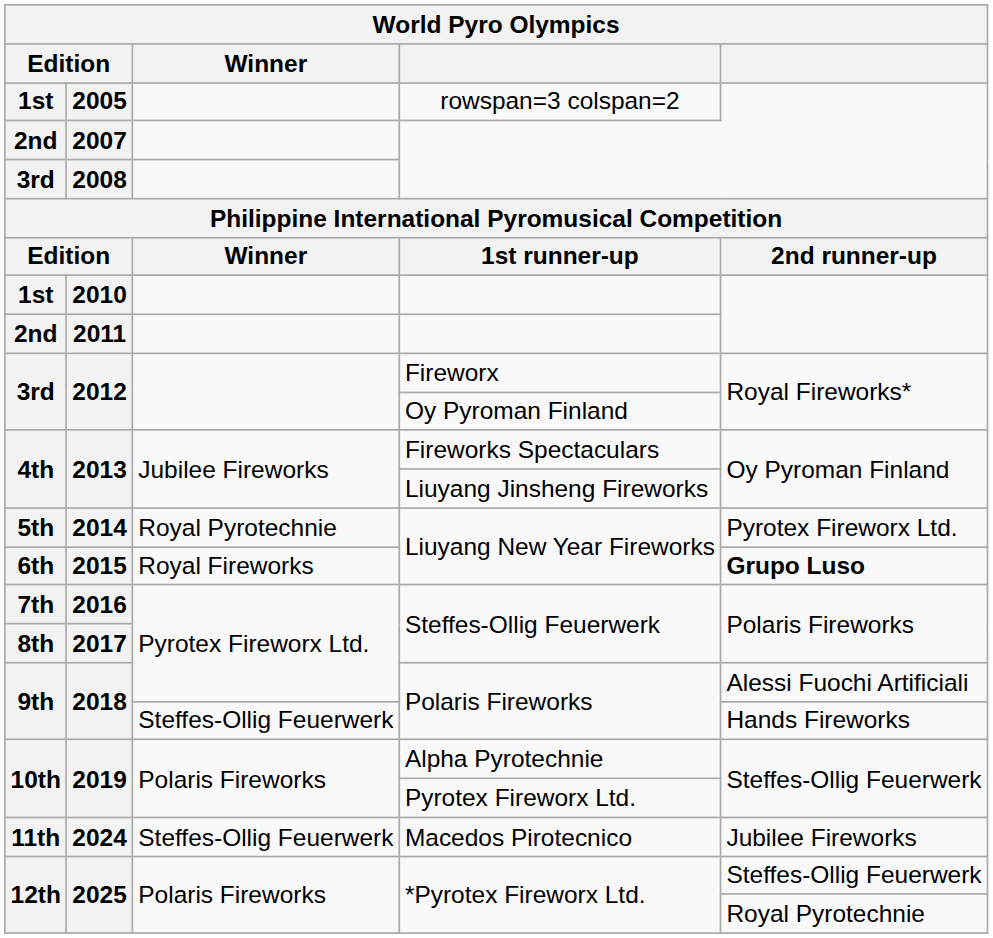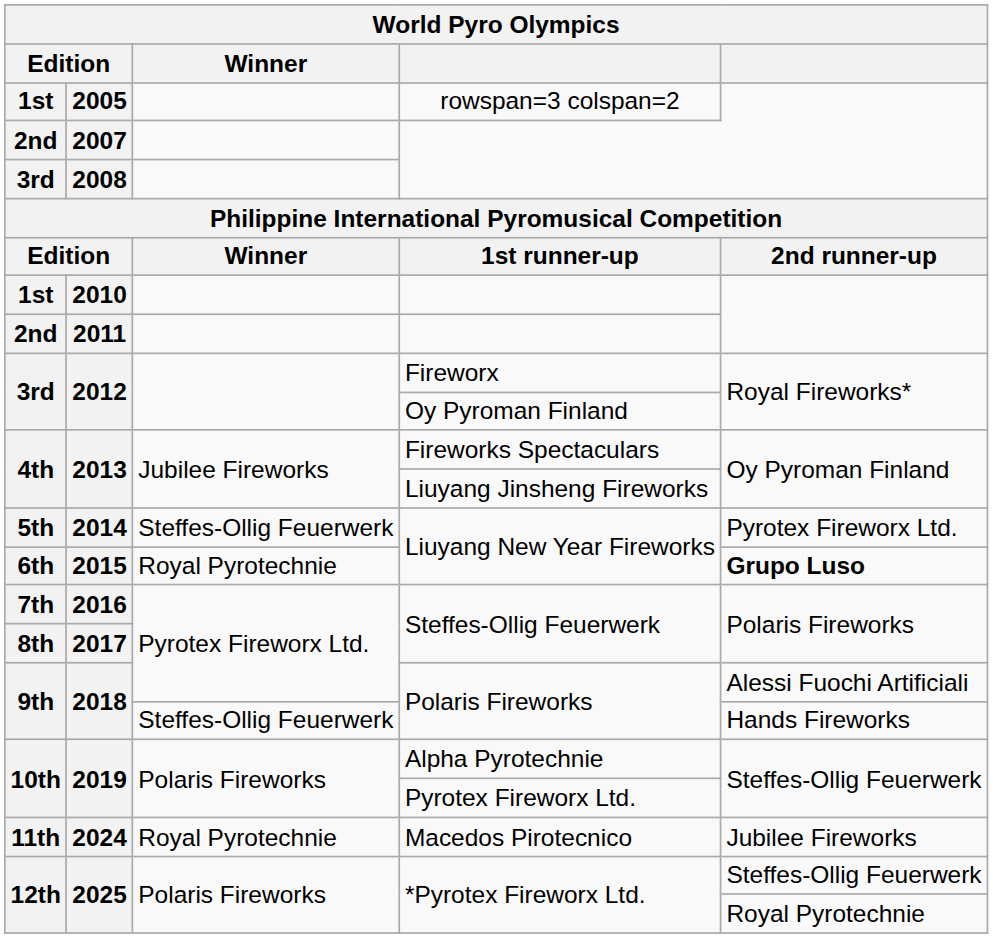 <table class="wikitable sortable" style="font-size: 90%; text-align:center;">
 <tr>
 <th colspan=5>World Pyro Olympics</th>
 </tr>
 <tr>
 <th colspan=2>Edition</th>
 <th> Winner</th>
 <th></th>
 <th></th>
 </tr>
 <tr>
 <th>1st</th>
 <th>2005</th>
 <td align=left></td>
 <td>rowspan=3 colspan=2 </td>
 </tr>
 <tr>
 <th>2nd</th>
 <th>2007</th>
 <td align=left></td>
 </tr>
 <tr>
 <th>3rd</th>
 <th>2008</th>
 <td align=left></td>
 </tr>
 <tr>
 <th colspan=5>Philippine International Pyromusical Competition</th>
 </tr>
 <tr>
 <th colspan=2>Edition</th>
 <th>Winner</th>
 <th>1st runner-up</th>
 <th>2nd runner-up</th>
 </tr>
 <tr>
 <th>1st</th>
 <th>2010</th>
 <td align=left></td>
 <td align=left></td>
 <td rowspan=2 align=left></td>
 </tr>
 <tr>
 <th>2nd</th>
 <th>2011</th>
 <td align=left></td>
 <td align=left></td>
 </tr>
 <tr>
 <th rowspan=2>3rd</th>
 <th rowspan=2>2012</th>
 <td align=left rowspan=2></td>
 <td align=left> Fireworx</td>
 <td rowspan=2 align=left> Royal Fireworks*</td>
 </tr>
 <tr>
 <td align=left> Oy Pyroman Finland</td>
 </tr>
 <tr>
 <th rowspan=2>4th</th>
 <th rowspan=2>2013</th>
 <td align=left rowspan=2> Jubilee Fireworks</td>
 <td align=left> Fireworks Spectaculars</td>
 <td align=left rowspan=2> Oy Pyroman Finland</td>
 </tr>
 <tr>
 <td align=left> Liuyang Jinsheng Fireworks</td>
 </tr>
 <tr>
 <th>5th</th>
 <th>2014</th>
-<td align=left> Royal Pyrotechnie</td>
+<td align="left"> Steffes-Ollig Feuerwerk</td>
 <td align=left rowspan=2> Liuyang New Year Fireworks</td>
 <td align="left"> Pyrotex Fireworx Ltd.</td>
 </tr>
 <tr>
 <th>6th</th>
 <th>2015</th>
-<td align=left> Royal Fireworks</td>
+<td align=left> Royal Pyrotechnie</td>
 <td align=left><strong> Grupo Luso</strong></td>
 </tr>
 <tr>
 <th>7th</th>
 <th>2016</th>
 <td align=left rowspan=3> Pyrotex Fireworx Ltd.</td>
 <td align=left rowspan=2> Steffes-Ollig Feuerwerk</td>
 <td align=left rowspan=2> Polaris Fireworks</td>
 </tr>
 <tr>
 <th>8th</th>
 <th>2017</th>
 </tr>
 <tr>
 <th rowspan=2>9th</th>
 <th rowspan=2>2018</th>
 <td align=left rowspan=2> Polaris Fireworks</td>
 <td align=left> Alessi Fuochi Artificiali</td>
 </tr>
 <tr>
 <td align=left> Steffes-Ollig Feuerwerk</td>
 <td align=left> Hands Fireworks</td>
 </tr>
 <tr>
 <th rowspan=2>10th</th>
 <th rowspan=2>2019</th>
 <td rowspan="2" align="left"> Polaris Fireworks</td>
 <td align="left"> Alpha Pyrotechnie</td>
 <td align=left rowspan=2> Steffes-Ollig Feuerwerk</td>
 </tr>
 <tr>
 <td align=left> Pyrotex Fireworx Ltd.</td>
 </tr>
 <tr>
 <th>11th</th>
 <th>2024</th>
-<td align="left"> Steffes-Ollig Feuerwerk</td>
+<td align=left> Royal Pyrotechnie</td>
 <td align="left"> Macedos Pirotecnico</td>
 <td align=left> Jubilee Fireworks</td>
 </tr>
 <tr>
 <th rowspan=2>12th</th>
 <th rowspan=2>2025</th>
 <td rowspan=2 align="left"> Polaris Fireworks</td>
 <td rowspan=2 align="left"> *Pyrotex Fireworx Ltd.</td>
 <td align="left"> Steffes-Ollig Feuerwerk</td>
 </tr>
 <tr>
 <td align="left"> Royal Pyrotechnie</td>
 </tr>
 </table>
